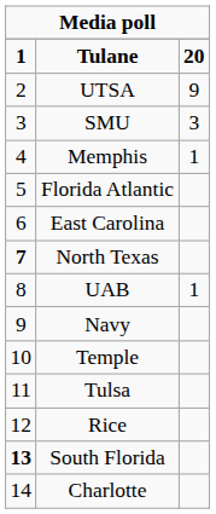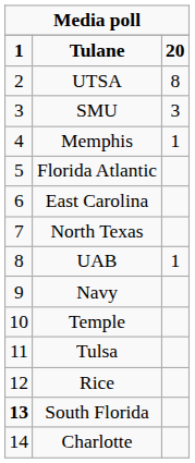 <table class="wikitable" style="display: inline-table;">
 <tr>
 <td align="center" Colspan="3"><strong>Media poll</strong></td>
 </tr>
 <tr align="center">
 </tr>
 <tr align="center"|>
 <td><strong>1</strong></td>
 <td><strong>Tulane</strong></td>
 <td><strong>20</strong></td>
 </tr>
 <tr align="center">
 <td>2</td>
 <td>UTSA</td>
-<td>9</td>
+<td>8</td>
 </tr>
 <tr align="center">
 <td>3</td>
 <td>SMU</td>
 <td>3</td>
 </tr>
 <tr align="center">
 <td>4</td>
 <td>Memphis</td>
 <td>1</td>
 </tr>
 <tr align="center">
 <td>5</td>
 <td>Florida Atlantic</td>
 <td></td>
 </tr>
 <tr align="center">
 <td>6</td>
 <td>East Carolina</td>
 <td></td>
 </tr>
 <tr align="center">
-<td><strong>7</strong></td>
+<td>7</td>
 <td>North Texas</td>
 <td></td>
 </tr>
 <tr align="center">
 <td>8</td>
 <td>UAB</td>
 <td>1</td>
 </tr>
 <tr align="center">
 <td>9</td>
 <td>Navy</td>
 <td></td>
 </tr>
 <tr align="center">
 <td>10</td>
 <td>Temple</td>
 <td></td>
 </tr>
 <tr align="center">
 <td>11</td>
 <td>Tulsa</td>
 <td></td>
 </tr>
 <tr align="center">
 <td>12</td>
 <td>Rice</td>
 <td></td>
 </tr>
 <tr align="center">
 <td><strong>13</strong></td>
 <td>South Florida</td>
 <td></td>
 </tr>
 <tr align="center">
 <td>14</td>
 <td>Charlotte</td>
 <td></td>
 </tr>
 </table>
